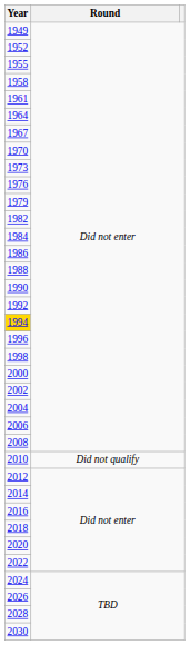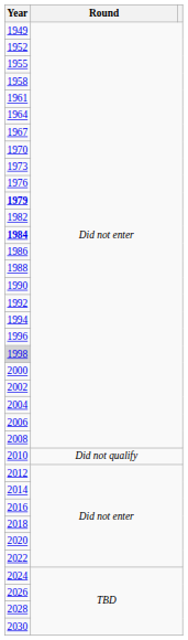 <table class="wikitable" style="text-align: center; font-size:90%">
 <tr>
 <th>Year</th>
 <th style="width:200px">Round</th>
 <th></th>
 </tr>
 <tr>
 <td><a href='#'>1949</a></td>
 <td colspan="2" rowspan="25"><em>Did not enter</em></td>
 </tr>
 <tr>
 <td><a href='#'>1952</a></td>
 </tr>
 <tr>
 <td><a href='#'>1955</a></td>
 </tr>
 <tr>
 <td><a href='#'>1958</a></td>
 </tr>
 <tr>
 <td><a href='#'>1961</a></td>
 </tr>
 <tr>
 <td><a href='#'>1964</a></td>
 </tr>
 <tr>
 <td><a href='#'>1967</a></td>
 </tr>
 <tr>
 <td><a href='#'>1970</a></td>
 </tr>
 <tr>
 <td><a href='#'>1973</a></td>
 </tr>
 <tr>
 <td><a href='#'>1976</a></td>
 </tr>
 <tr>
-<td><a href='#'>1979</a></td>
+<td><strong><a href='#'>1979</a></strong></td>
 </tr>
 <tr>
 <td><a href='#'>1982</a></td>
 </tr>
 <tr>
-<td><a href='#'>1984</a></td>
+<td><strong><a href='#'>1984</a></strong></td>
 </tr>
 <tr>
 <td><a href='#'>1986</a></td>
 </tr>
 <tr>
 <td><a href='#'>1988</a></td>
 </tr>
 <tr>
 <td><a href='#'>1990</a></td>
 </tr>
 <tr>
 <td><a href='#'>1992</a></td>
 </tr>
 <tr>
-<td style="background: gold;"><a href='#'>1994</a></td>
+<td><a href='#'>1994</a></td>
 </tr>
 <tr>
 <td><a href='#'>1996</a></td>
 </tr>
 <tr>
-<td><a href='#'>1998</a></td>
+<td style="background: lightgrey;"><a href='#'>1998</a></td>
 </tr>
 <tr>
 <td><a href='#'>2000</a></td>
 </tr>
 <tr>
 <td><a href='#'>2002</a></td>
 </tr>
 <tr>
 <td><a href='#'>2004</a></td>
 </tr>
 <tr>
 <td><a href='#'>2006</a></td>
 </tr>
 <tr>
 <td><a href='#'>2008</a></td>
 </tr>
 <tr>
 <td><a href='#'>2010</a></td>
 <td colspan="2"><em>Did not qualify</em></td>
 </tr>
 <tr>
 <td><a href='#'>2012</a></td>
 <td colspan="2" rowspan="6"><em>Did not enter</em></td>
 </tr>
 <tr>
 <td><a href='#'>2014</a></td>
 </tr>
 <tr>
 <td><a href='#'>2016</a></td>
 </tr>
 <tr>
 <td><a href='#'>2018</a></td>
 </tr>
 <tr>
 <td><a href='#'>2020</a></td>
 </tr>
 <tr>
 <td><a href='#'>2022</a></td>
 </tr>
 <tr>
 <td><a href='#'>2024</a></td>
 <td colspan="2" rowspan="4"><em>TBD</em></td>
 </tr>
 <tr>
 <td><a href='#'>2026</a></td>
 </tr>
 <tr>
 <td><a href='#'>2028</a></td>
 </tr>
 <tr>
 <td><a href='#'>2030</a></td>
 </tr>
 </table>
